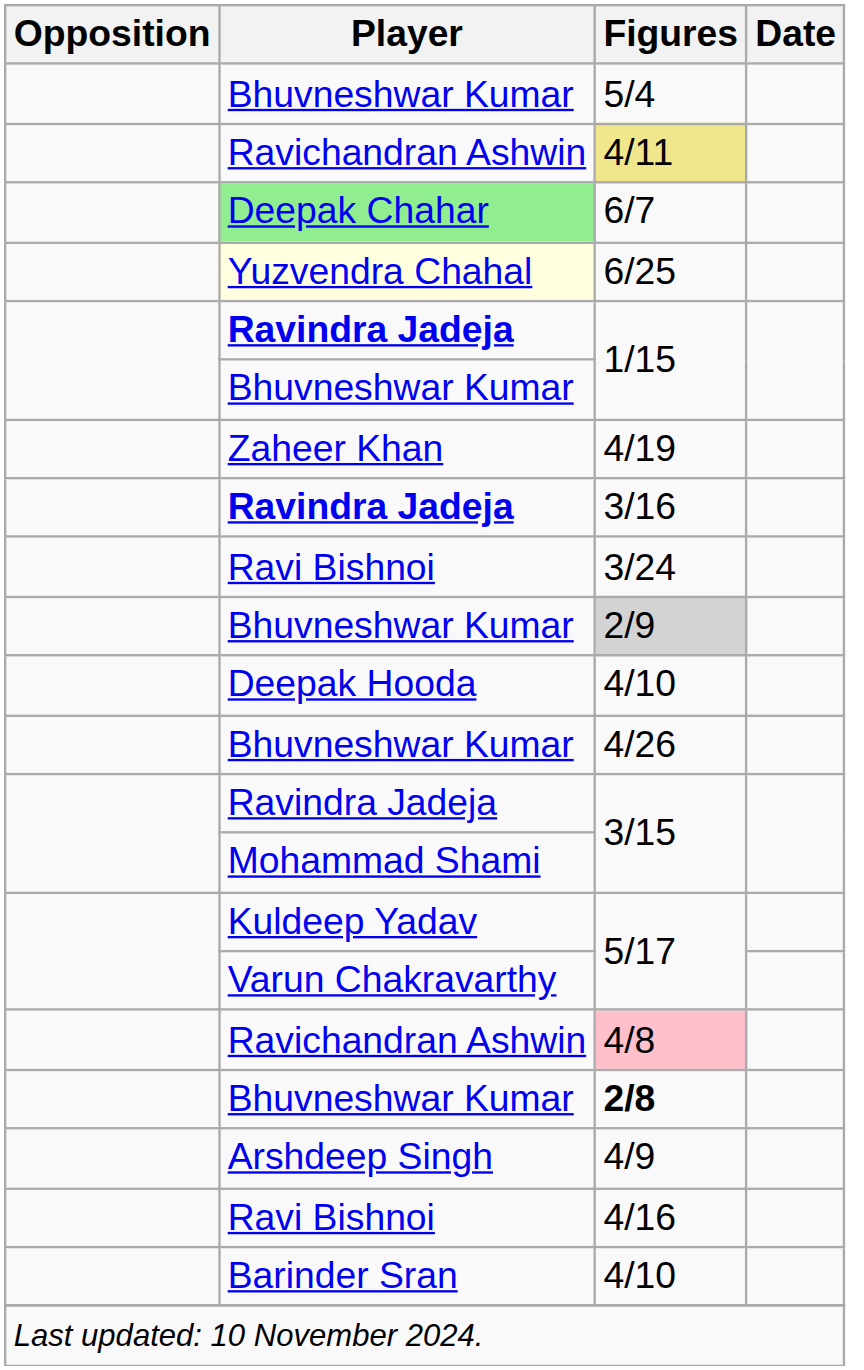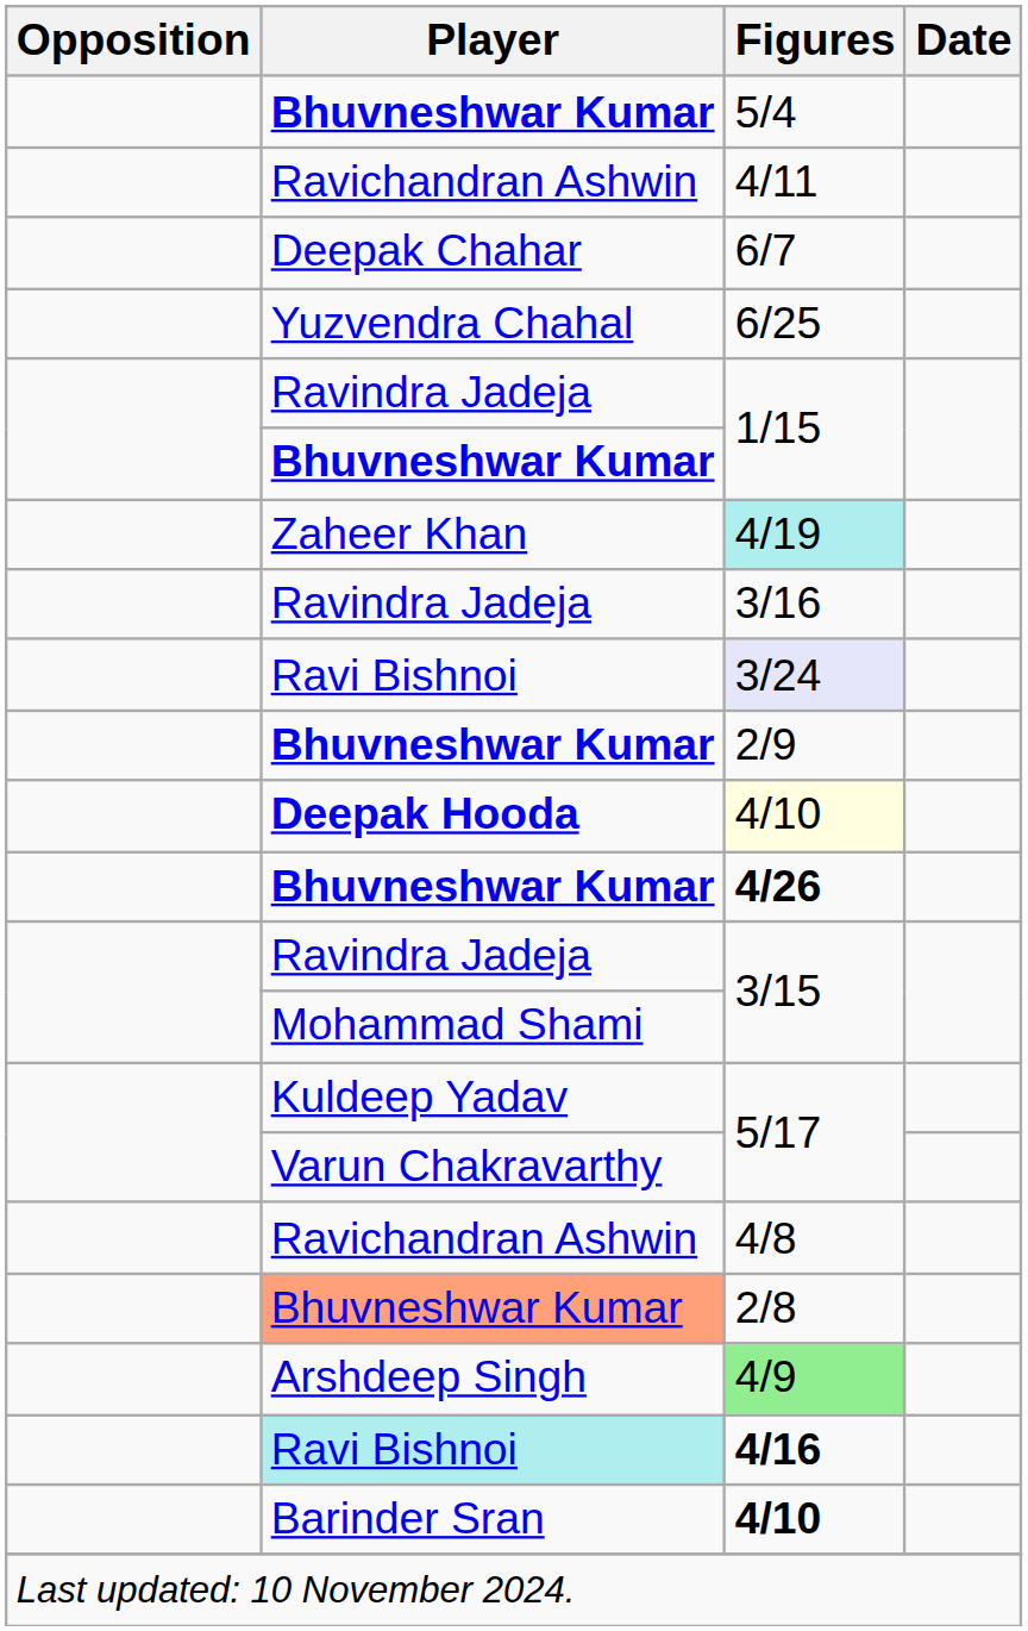 <table class="wikitable sortable">
 <tr>
 <th>Opposition</th>
 <th>Player</th>
 <th>Figures</th>
 <th>Date</th>
 </tr>
 <tr>
 <td></td>
-<td><a href='#'>Bhuvneshwar Kumar</a></td>
+<td><strong><a href='#'>Bhuvneshwar Kumar</a></strong></td>
 <td>5/4</td>
 <td></td>
 </tr>
 <tr>
 <td></td>
 <td><a href='#'>Ravichandran Ashwin</a></td>
-<td style="background: khaki;">4/11</td>
+<td>4/11</td>
 <td> </td>
 </tr>
 <tr>
 <td></td>
-<td style="background: lightgreen;"><a href='#'>Deepak Chahar</a></td>
+<td><a href='#'>Deepak Chahar</a></td>
 <td>6/7</td>
 <td></td>
 </tr>
 <tr>
 <td></td>
-<td style="background: lightyellow;"><a href='#'>Yuzvendra Chahal</a></td>
+<td><a href='#'>Yuzvendra Chahal</a></td>
 <td>6/25</td>
 <td></td>
 </tr>
 <tr>
 <td rowspan=2></td>
-<td><strong><a href='#'>Ravindra Jadeja</a></strong></td>
+<td><a href='#'>Ravindra Jadeja</a></td>
 <td rowspan=2>1/15</td>
 <td rowspan=2></td>
 </tr>
 <tr>
-<td><a href='#'>Bhuvneshwar Kumar</a></td>
+<td><strong><a href='#'>Bhuvneshwar Kumar</a></strong></td>
 </tr>
 <tr>
 <td></td>
 <td><a href='#'>Zaheer Khan</a></td>
-<td>4/19</td>
+<td style="background: paleturquoise;">4/19</td>
 <td> </td>
 </tr>
 <tr>
 <td></td>
-<td><strong><a href='#'>Ravindra Jadeja</a></strong></td>
+<td><a href='#'>Ravindra Jadeja</a></td>
 <td>3/16</td>
 <td></td>
 </tr>
 <tr>
 <td></td>
 <td><a href='#'>Ravi Bishnoi</a></td>
-<td>3/24</td>
+<td style="background: lavender;">3/24</td>
 <td></td>
 </tr>
 <tr>
 <td></td>
-<td><a href='#'>Bhuvneshwar Kumar</a></td>
-<td style="background: lightgrey;">2/9</td>
+<td><strong><a href='#'>Bhuvneshwar Kumar</a></strong></td>
+<td>2/9</td>
 <td></td>
 </tr>
 <tr>
 <td></td>
-<td><a href='#'>Deepak Hooda</a></td>
-<td>4/10</td>
+<td><strong><a href='#'>Deepak Hooda</a></strong></td>
+<td style="background: lightyellow;">4/10</td>
 <td></td>
 </tr>
 <tr>
 <td></td>
-<td><a href='#'>Bhuvneshwar Kumar</a></td>
-<td>4/26</td>
+<td><strong><a href='#'>Bhuvneshwar Kumar</a></strong></td>
+<td><strong>4/26</strong></td>
 <td></td>
 </tr>
 <tr>
 <td rowspan=2></td>
 <td><a href='#'>Ravindra Jadeja</a></td>
 <td rowspan=2>3/15</td>
 <td rowspan=2></td>
 </tr>
 <tr>
 <td><a href='#'>Mohammad Shami</a></td>
 </tr>
 <tr>
 <td rowspan=2></td>
 <td><a href='#'>Kuldeep Yadav</a></td>
 <td rowspan=2>5/17</td>
 <td></td>
 </tr>
 <tr>
 <td><a href='#'>Varun Chakravarthy</a></td>
 <td></td>
 </tr>
 <tr>
 <td></td>
 <td><a href='#'>Ravichandran Ashwin</a></td>
-<td style="background: pink;">4/8</td>
+<td>4/8</td>
 <td></td>
 </tr>
 <tr>
 <td></td>
-<td><a href='#'>Bhuvneshwar Kumar</a></td>
-<td><strong>2/8</strong></td>
+<td style="background: lightsalmon;"><a href='#'>Bhuvneshwar Kumar</a></td>
+<td>2/8</td>
 <td> </td>
 </tr>
 <tr>
 <td></td>
 <td><a href='#'>Arshdeep Singh</a></td>
-<td>4/9</td>
+<td style="background: lightgreen;">4/9</td>
 <td></td>
 </tr>
 <tr>
 <td></td>
-<td><a href='#'>Ravi Bishnoi</a></td>
-<td>4/16</td>
+<td style="background: paleturquoise;"><a href='#'>Ravi Bishnoi</a></td>
+<td><strong>4/16</strong></td>
 <td></td>
 </tr>
 <tr>
 <td></td>
 <td><a href='#'>Barinder Sran</a></td>
-<td>4/10</td>
+<td><strong>4/10</strong></td>
 <td></td>
 </tr>
 <tr>
 </tr>
 <tr class=sortbottom>
 <td colspan=5><small><em>Last updated: 10 November 2024.</em></small></td>
 </tr>
 </table>
